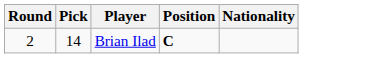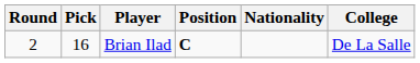 <table class="wikitable sortable sortable">
 <tr>
 <th>Round</th>
 <th>Pick</th>
 <th>Player</th>
 <th>Position</th>
 <th>Nationality</th>
+<th>College</th>
 </tr>
 <tr>
 <td align=center>2</td>
-<td align=center>14</td>
+<td align=center>16</td>
 <td><a href='#'>Brian Ilad</a></td>
 <td><strong>C</strong></td>
 <td></td>
+<td><a href='#'>De La Salle</a></td>
 </tr>
 </table>
